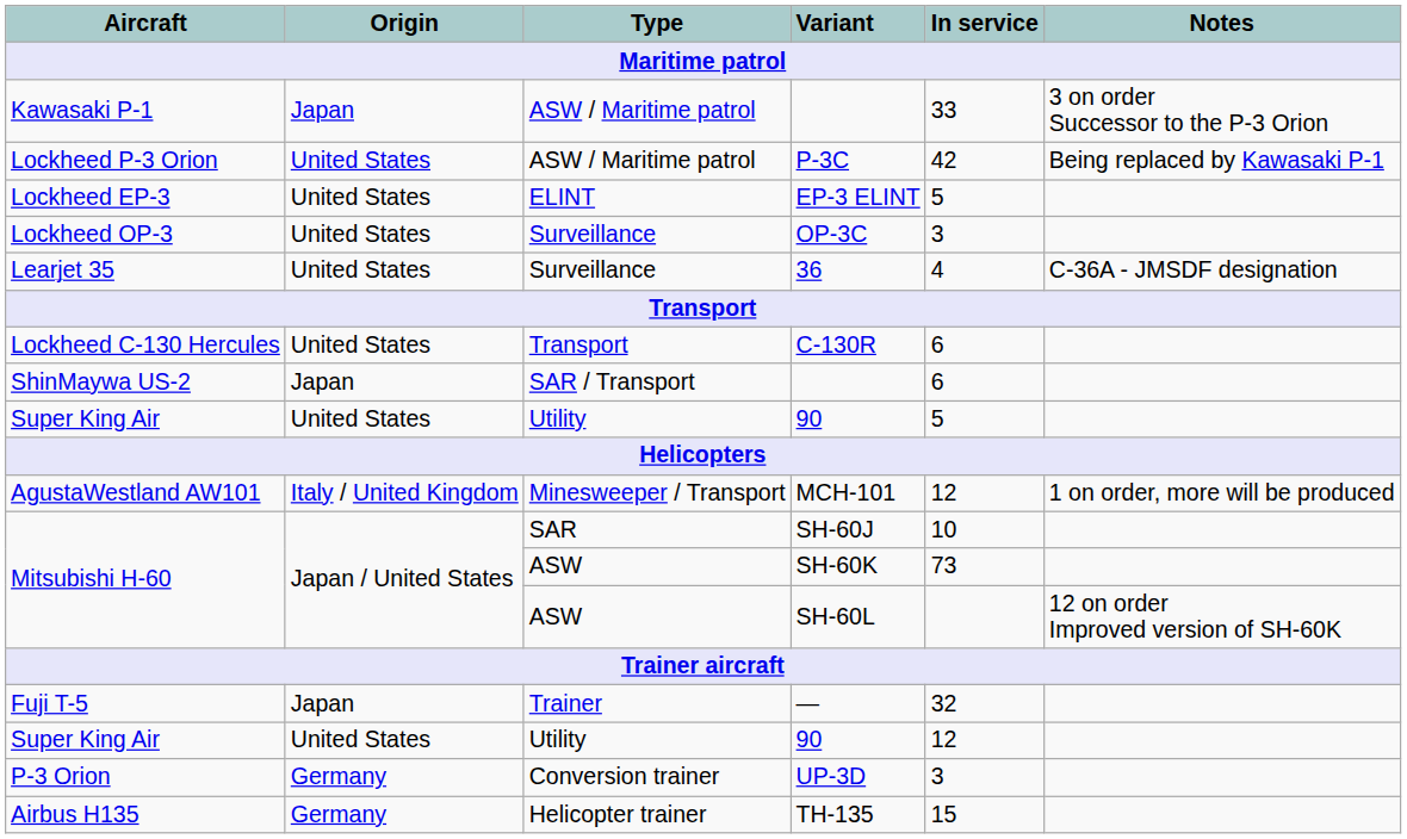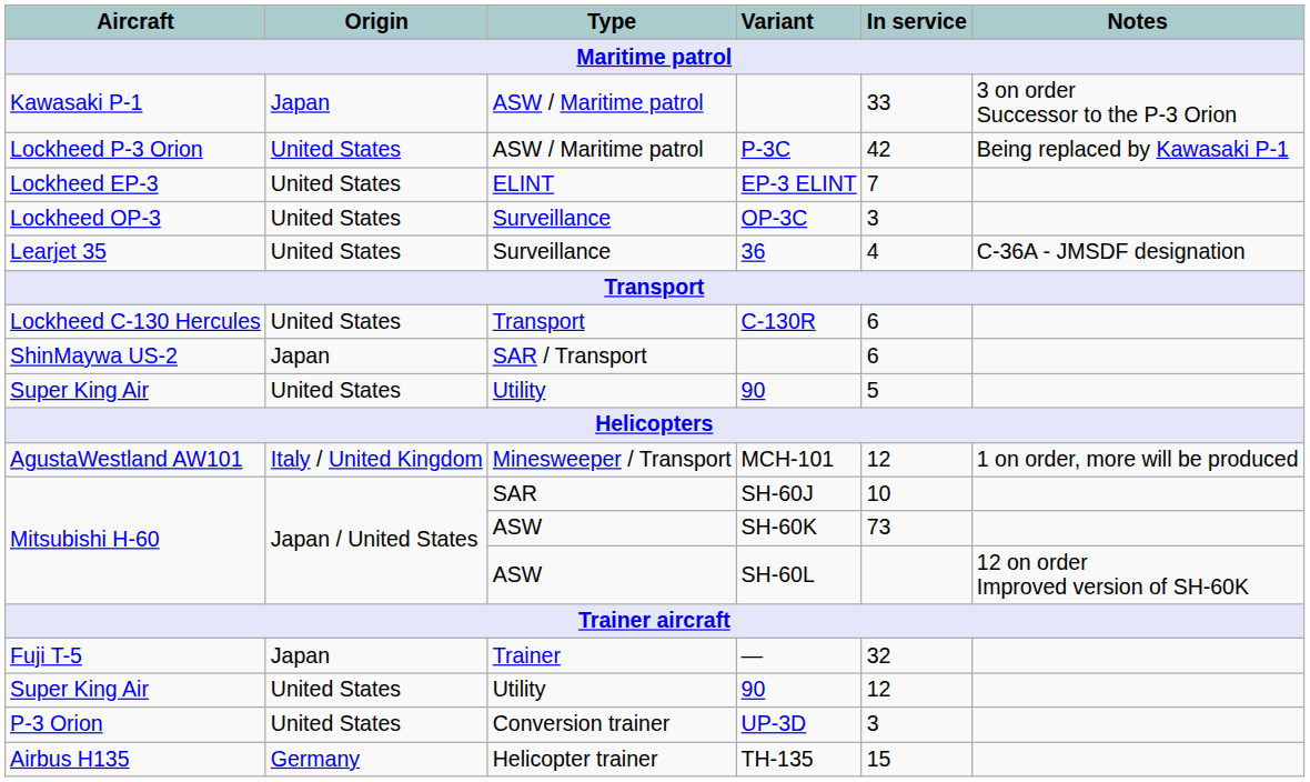 <table class="wikitable">
 <tr>
 <th style="text-align:center; background:#acc;">Aircraft</th>
 <th style="text-align: center; background:#acc;">Origin</th>
 <th style="text-align:center; background:#acc;">Type</th>
 <th style="text-align:left; background:#acc;">Variant</th>
 <th style="text-align:center; background:#acc;">In service</th>
 <th style="text-align:center; background:#acc;">Notes</th>
 </tr>
 <tr>
 <th colspan="6" style="align: center; background: lavender;"><a href='#'>Maritime patrol</a></th>
 </tr>
 <tr>
 <td><a href='#'>Kawasaki P-1</a></td>
 <td><a href='#'>Japan</a></td>
 <td><a href='#'>ASW</a> / <a href='#'>Maritime patrol</a></td>
 <td></td>
 <td>33</td>
 <td>3 on order<br> Successor to the P-3 Orion</td>
 </tr>
 <tr>
 <td><a href='#'>Lockheed P-3 Orion</a></td>
 <td><a href='#'>United States</a></td>
 <td>ASW / Maritime patrol</td>
 <td><a href='#'>P-3C</a></td>
 <td>42</td>
 <td>Being replaced by <a href='#'>Kawasaki P-1</a></td>
 </tr>
 <tr>
 <td><a href='#'>Lockheed EP-3</a></td>
 <td>United States</td>
 <td><a href='#'>ELINT</a></td>
 <td><a href='#'>EP-3 ELINT</a></td>
-<td>5</td>
+<td>7</td>
 <td></td>
 </tr>
 <tr>
 <td><a href='#'>Lockheed OP-3</a></td>
 <td>United States</td>
 <td><a href='#'>Surveillance</a></td>
 <td><a href='#'>OP-3C</a></td>
 <td>3</td>
 <td></td>
 </tr>
 <tr>
 <td><a href='#'>Learjet 35</a></td>
 <td>United States</td>
 <td>Surveillance</td>
 <td><a href='#'>36</a></td>
 <td>4</td>
 <td>C-36A - JMSDF designation</td>
 </tr>
 <tr>
 <th colspan="6" style="align: center; background: lavender;"><a href='#'>Transport</a></th>
 </tr>
 <tr>
 <td><a href='#'>Lockheed C-130 Hercules</a></td>
 <td>United States</td>
 <td><a href='#'>Transport</a></td>
 <td><a href='#'>C-130R</a></td>
 <td>6</td>
 <td></td>
 </tr>
 <tr>
 <td><a href='#'>ShinMaywa US-2</a></td>
 <td>Japan</td>
 <td><a href='#'>SAR</a> / Transport</td>
 <td></td>
 <td>6</td>
 </tr>
 <tr>
 <td><a href='#'>Super King Air</a></td>
 <td>United States</td>
 <td><a href='#'>Utility</a></td>
 <td><a href='#'>90</a></td>
 <td>5</td>
 <td></td>
 </tr>
 <tr>
 <th colspan="6" style="align: center; background: lavender;"><a href='#'>Helicopters</a></th>
 </tr>
 <tr>
 <td><a href='#'>AgustaWestland AW101</a></td>
 <td><a href='#'>Italy</a> / <a href='#'>United Kingdom</a></td>
 <td><a href='#'>Minesweeper</a> / Transport</td>
 <td>MCH-101</td>
 <td>12</td>
 <td>1 on order, more will be produced </td>
 </tr>
 <tr>
 <td rowspan="3"><a href='#'>Mitsubishi H-60</a></td>
 <td rowspan="3">Japan / United States</td>
 <td>SAR</td>
 <td>SH-60J</td>
 <td>10</td>
 <td></td>
 </tr>
 <tr>
 <td>ASW</td>
 <td>SH-60K</td>
 <td>73</td>
 <td></td>
 </tr>
 <tr>
 <td>ASW</td>
 <td>SH-60L</td>
 <td></td>
 <td>12 on order<br> Improved version of SH-60K</td>
 </tr>
 <tr>
 <th colspan="6" style="align: center; background: lavender;"><a href='#'>Trainer aircraft</a></th>
 </tr>
 <tr>
 <td><a href='#'>Fuji T-5</a></td>
 <td>Japan</td>
 <td><a href='#'>Trainer</a></td>
 <td>—</td>
 <td>32</td>
 <td></td>
 </tr>
 <tr>
 <td><a href='#'>Super King Air</a></td>
 <td>United States</td>
 <td>Utility</td>
 <td><a href='#'>90</a></td>
 <td>12</td>
 <td></td>
 </tr>
 <tr>
 <td><a href='#'>P-3 Orion</a></td>
-<td><a href='#'>Germany</a></td>
+<td>United States</td>
 <td>Conversion trainer</td>
 <td><a href='#'>UP-3D</a></td>
 <td>3 </td>
 <td></td>
 </tr>
 <tr>
 <td><a href='#'>Airbus H135</a></td>
 <td><a href='#'>Germany</a></td>
 <td>Helicopter trainer</td>
 <td>TH-135</td>
 <td>15 </td>
 <td></td>
 </tr>
 </table>
